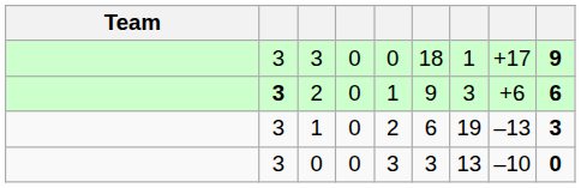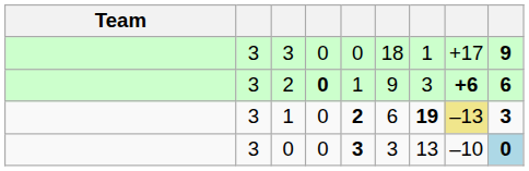 <table class="wikitable" style="text-align: center;">
 <tr>
 <th width="175">Team</th>
 <th width="20"></th>
 <th width="20"></th>
 <th width="20"></th>
 <th width="20"></th>
 <th width="20"></th>
 <th width="20"></th>
 <th width="20"></th>
 <th width="20"></th>
 </tr>
 <tr bgcolor=#ccffcc>
 <td align=left></td>
 <td>3</td>
 <td>3</td>
 <td>0</td>
 <td>0</td>
 <td>18</td>
 <td>1</td>
 <td>+17</td>
 <td><strong>9</strong></td>
 </tr>
 <tr bgcolor=#ccffcc>
 <td align=left></td>
-<td><strong>3</strong></td>
+<td>3</td>
 <td>2</td>
-<td>0</td>
+<td><strong>0</strong></td>
 <td>1</td>
 <td>9</td>
 <td>3</td>
-<td>+6</td>
+<td><strong>+6</strong></td>
 <td><strong>6</strong></td>
 </tr>
 <tr>
 <td align=left></td>
 <td>3</td>
 <td>1</td>
 <td>0</td>
-<td>2</td>
+<td><strong>2</strong></td>
 <td>6</td>
-<td>19</td>
-<td>–13</td>
+<td><strong>19</strong></td>
+<td style="background: khaki;">–13</td>
 <td><strong>3</strong></td>
 </tr>
 <tr>
 <td align=left></td>
 <td>3</td>
 <td>0</td>
 <td>0</td>
-<td>3</td>
+<td><strong>3</strong></td>
 <td>3</td>
 <td>13</td>
 <td>–10</td>
-<td><strong>0</strong></td>
+<td style="background: lightblue;"><strong>0</strong></td>
 </tr>
 </table>
